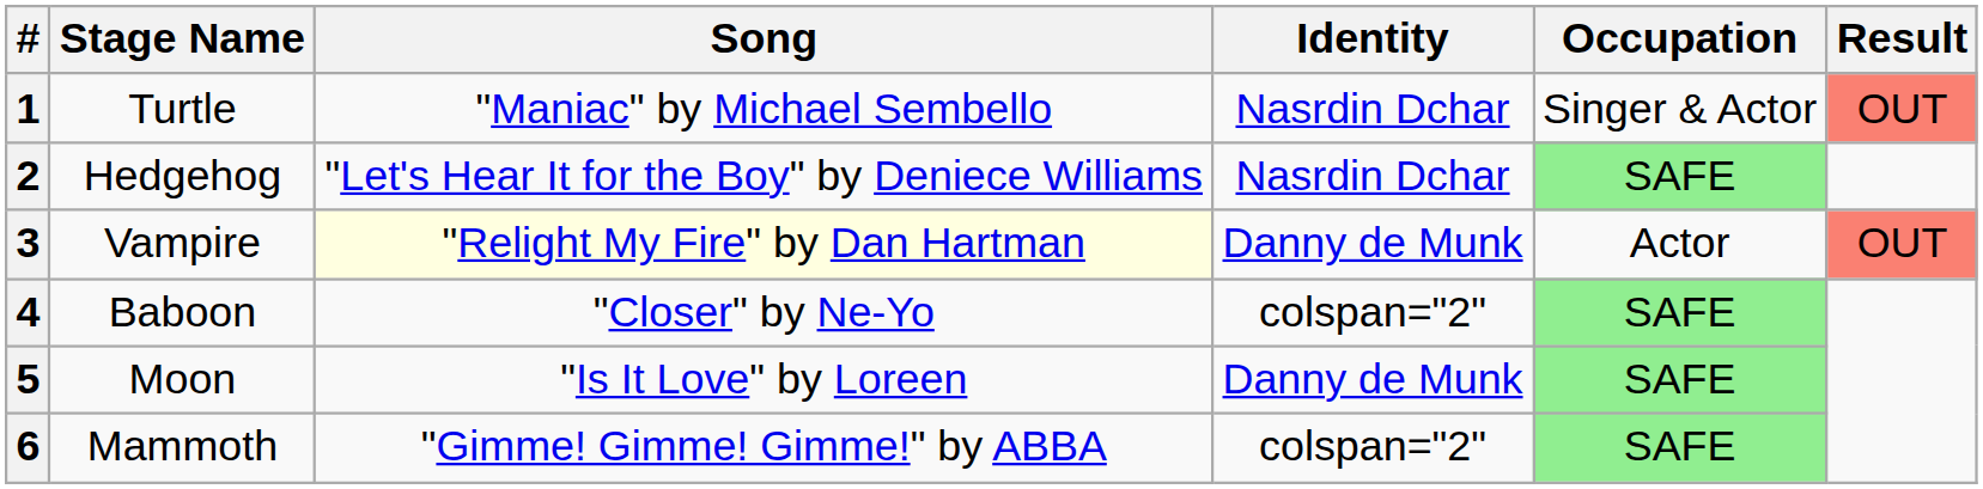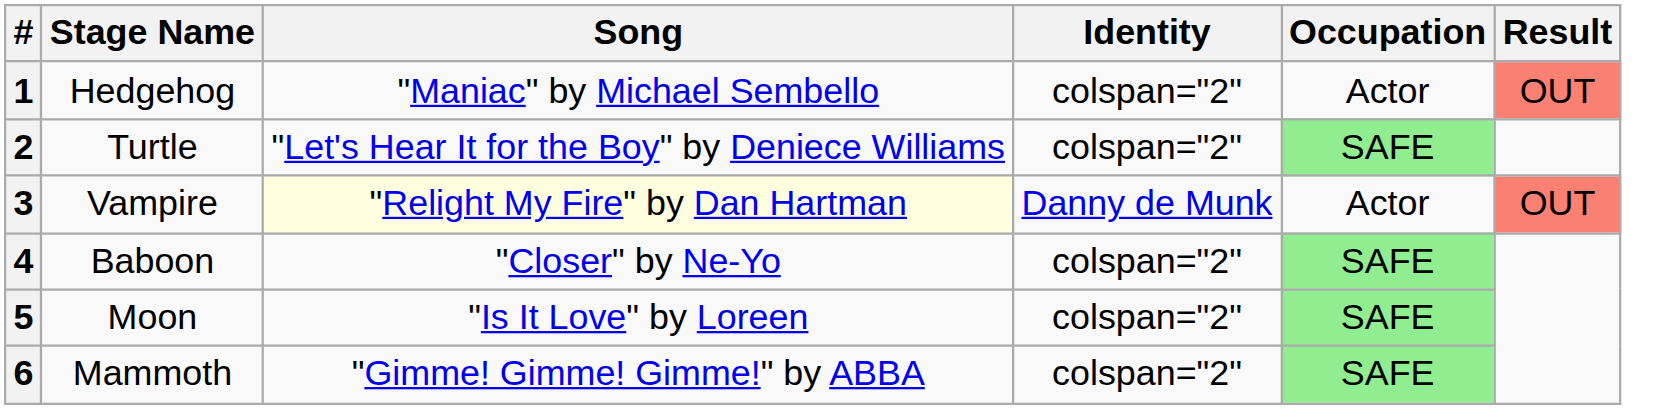 <table class="wikitable plainrowheaders" style="text-align: center;">
 <tr>
 <th>#</th>
 <th><strong>Stage Name</strong></th>
 <th><strong>Song</strong></th>
 <th>Identity</th>
 <th><strong>Occupation</strong></th>
 <th>Result</th>
 </tr>
 <tr>
 <th>1</th>
-<td>Turtle</td>
+<td>Hedgehog</td>
 <td>"<a href='#'>Maniac</a>" by <a href='#'>Michael Sembello</a></td>
-<td><a href='#'>Nasrdin Dchar</a></td>
-<td>Singer & Actor</td>
+<td>colspan="2" </td>
+<td>Actor</td>
 <td bgcolor="salmon">OUT</td>
 </tr>
 <tr>
 <th>2</th>
-<td>Hedgehog</td>
+<td>Turtle</td>
 <td>"<a href='#'>Let's Hear It for the Boy</a>" by <a href='#'>Deniece Williams</a></td>
-<td><a href='#'>Nasrdin Dchar</a></td>
+<td>colspan="2" </td>
 <td bgcolor="lightgreen">SAFE</td>
 </tr>
 <tr>
 <th>3</th>
 <td>Vampire</td>
 <td style="background: lightyellow;">"<a href='#'>Relight My Fire</a>" by <a href='#'>Dan Hartman</a></td>
 <td><a href='#'>Danny de Munk</a></td>
 <td>Actor</td>
 <td bgcolor="salmon">OUT</td>
 </tr>
 <tr>
 <th>4</th>
 <td>Baboon</td>
 <td>"<a href='#'>Closer</a>" by <a href='#'>Ne-Yo</a></td>
 <td>colspan="2" </td>
 <td bgcolor="lightgreen">SAFE</td>
 </tr>
 <tr>
 <th>5</th>
 <td>Moon</td>
 <td>"<a href='#'>Is It Love</a>" by <a href='#'>Loreen</a></td>
-<td><a href='#'>Danny de Munk</a></td>
+<td>colspan="2" </td>
 <td bgcolor="lightgreen">SAFE</td>
 </tr>
 <tr>
 <th>6</th>
 <td>Mammoth</td>
 <td>"<a href='#'>Gimme! Gimme! Gimme!</a>" by <a href='#'>ABBA</a></td>
 <td>colspan="2" </td>
 <td bgcolor="lightgreen">SAFE</td>
 </tr>
 </table>
